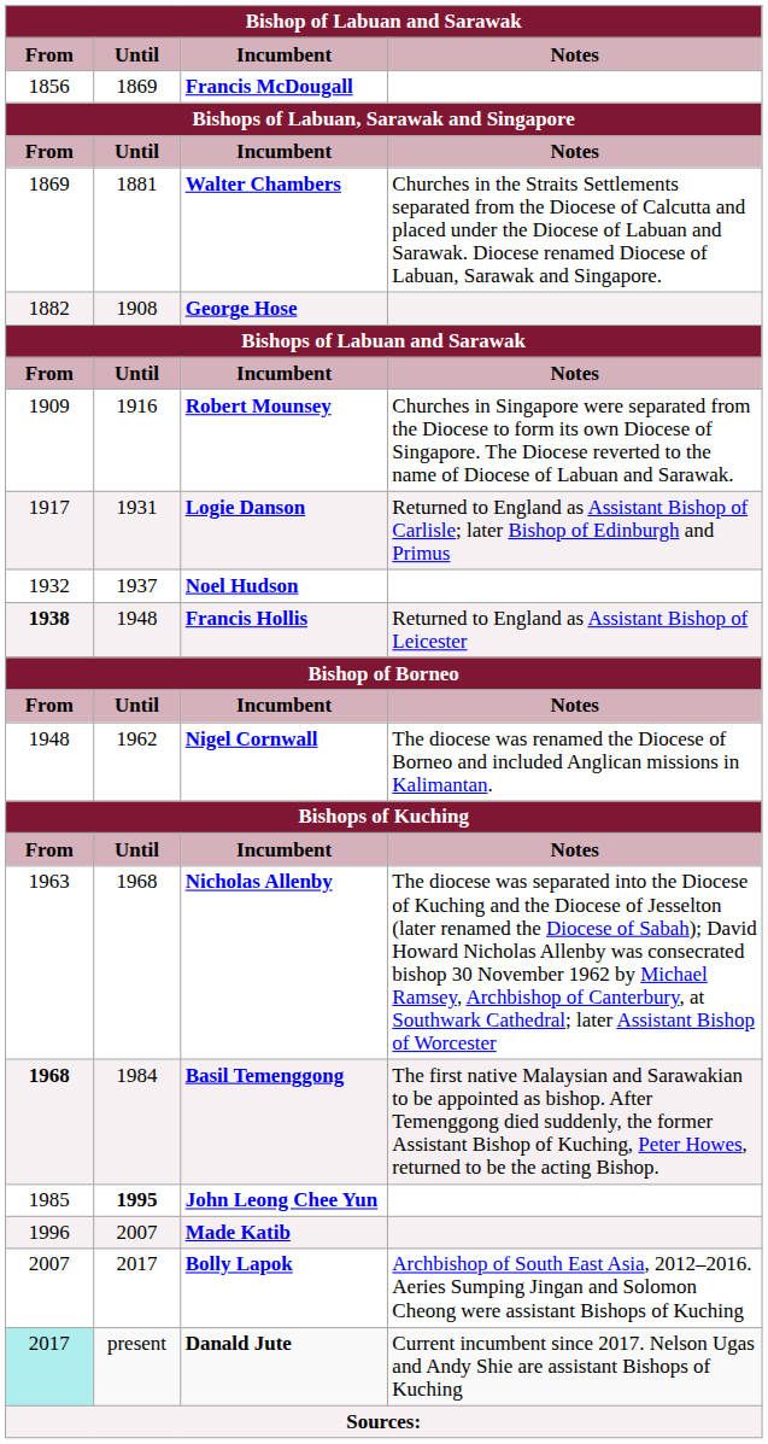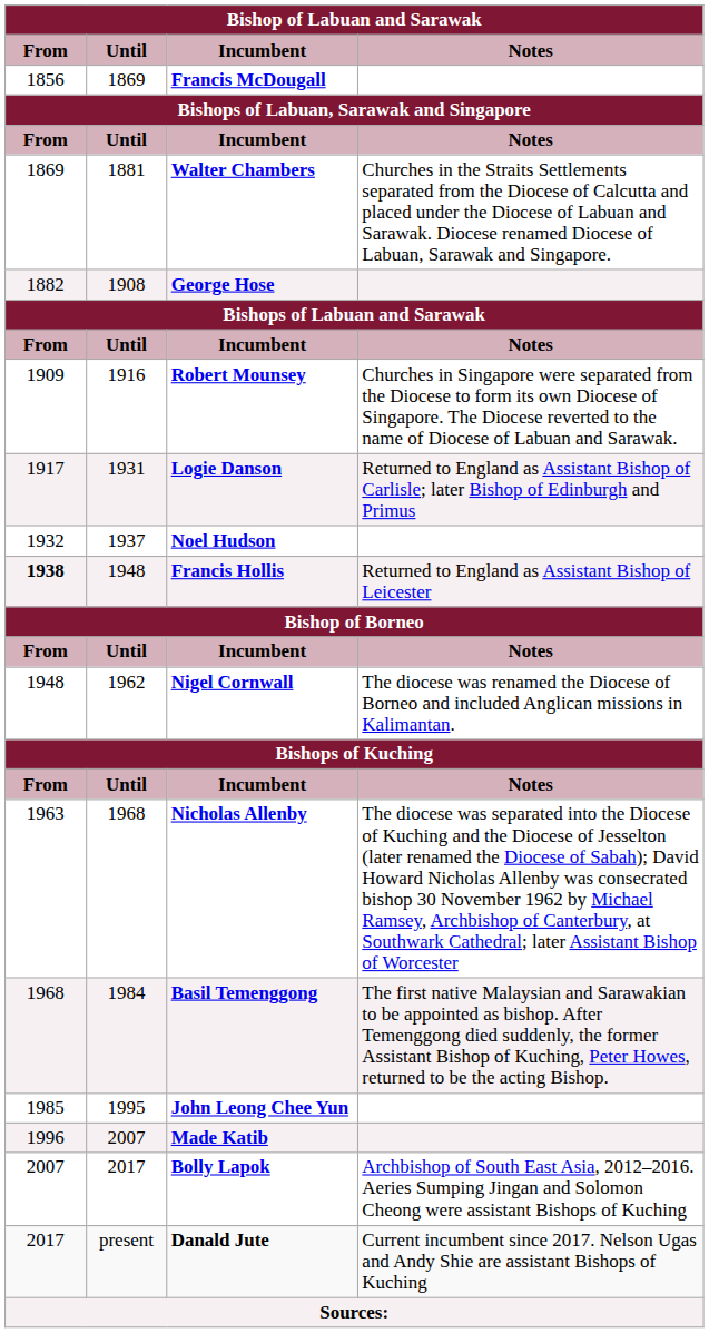 <table class="wikitable" style="width: 95%;">
 <tr>
 <th colspan="4" style="background-color: #7F1734; color: white;">Bishop of Labuan and Sarawak</th>
 </tr>
 <tr>
 <th style="background-color: #D4B1BB; width: 11%;">From</th>
 <th style="background-color: #D4B1BB; width: 11%;">Until</th>
 <th style="background-color: #D4B1BB; width: 26%;">Incumbent</th>
 <th style="background-color: #D4B1BB; width: 47%;">Notes</th>
 </tr>
 <tr valign="top" style="background-color: white;">
 <td style="text-align: center;">1856</td>
 <td style="text-align: center;">1869</td>
 <td><strong><a href='#'>Francis McDougall</a></strong></td>
 <td></td>
 </tr>
 <tr>
 <th colspan="4" style="background-color: #7F1734; color: white;">Bishops of Labuan, Sarawak and Singapore</th>
 </tr>
 <tr>
 <th style="background-color: #D4B1BB;">From</th>
 <th style="background-color: #D4B1BB;">Until</th>
 <th style="background-color: #D4B1BB;">Incumbent</th>
 <th style="background-color: #D4B1BB;">Notes</th>
 </tr>
 <tr valign="top" style="background-color: white;">
 <td style="text-align: center;">1869</td>
 <td style="text-align: center;">1881</td>
 <td><strong><a href='#'>Walter Chambers</a></strong></td>
 <td>Churches in the Straits Settlements separated from the Diocese of Calcutta and placed under the Diocese of Labuan and Sarawak. Diocese renamed Diocese of Labuan, Sarawak and Singapore.</td>
 </tr>
 <tr valign="top" style="background-color: #F7F0F2;">
 <td style="text-align: center;">1882</td>
 <td style="text-align: center;">1908</td>
 <td><strong><a href='#'>George Hose</a></strong></td>
 <td></td>
 </tr>
 <tr>
 <th colspan="4" style="background-color: #7F1734; color: white;">Bishops of Labuan and Sarawak</th>
 </tr>
 <tr>
 <th style="background-color: #D4B1BB;">From</th>
 <th style="background-color: #D4B1BB;">Until</th>
 <th style="background-color: #D4B1BB;">Incumbent</th>
 <th style="background-color: #D4B1BB;">Notes</th>
 </tr>
 <tr valign="top" style="background-color: white;">
 <td style="text-align: center;">1909</td>
 <td style="text-align: center;">1916</td>
 <td><strong><a href='#'>Robert Mounsey</a></strong></td>
 <td>Churches in Singapore were separated from the Diocese to form its own Diocese of Singapore. The Diocese reverted to the name of Diocese of Labuan and Sarawak.</td>
 </tr>
 <tr valign="top" style="background-color: #F7F0F2;">
 <td style="text-align: center;">1917</td>
 <td style="text-align: center;">1931</td>
 <td><strong><a href='#'>Logie Danson</a></strong></td>
 <td>Returned to England as <a href='#'>Assistant Bishop of Carlisle</a>; later <a href='#'>Bishop of Edinburgh</a> and <a href='#'>Primus</a></td>
 </tr>
 <tr valign="top" style="background-color: white;">
 <td style="text-align: center;">1932</td>
 <td style="text-align: center;">1937</td>
 <td><strong><a href='#'>Noel Hudson</a></strong></td>
 <td></td>
 </tr>
 <tr valign="top" style="background-color: #F7F0F2;">
 <td style="text-align: center;"><strong>1938</strong></td>
 <td style="text-align: center;">1948</td>
 <td><strong><a href='#'>Francis Hollis</a></strong></td>
 <td>Returned to England as <a href='#'>Assistant Bishop of Leicester</a></td>
 </tr>
 <tr>
 <th colspan="4" style="background-color: #7F1734; color: white;">Bishop of Borneo</th>
 </tr>
 <tr>
 <th style="background-color: #D4B1BB;">From</th>
 <th style="background-color: #D4B1BB;">Until</th>
 <th style="background-color: #D4B1BB;">Incumbent</th>
 <th style="background-color: #D4B1BB;">Notes</th>
 </tr>
 <tr valign="top" style="background-color: white;">
 <td style="text-align: center;">1948</td>
 <td style="text-align: center;">1962</td>
 <td><strong><a href='#'>Nigel Cornwall</a></strong></td>
 <td>The diocese was renamed the Diocese of Borneo and included Anglican missions in <a href='#'>Kalimantan</a>.</td>
 </tr>
 <tr>
 <th colspan="4" style="background-color: #7F1734; color: white;">Bishops of Kuching</th>
 </tr>
 <tr>
 <th style="background-color: #D4B1BB;">From</th>
 <th style="background-color: #D4B1BB;">Until</th>
 <th style="background-color: #D4B1BB;">Incumbent</th>
 <th style="background-color: #D4B1BB;">Notes</th>
 </tr>
 <tr valign="top" style="background-color: white;">
 <td style="text-align: center;">1963</td>
 <td style="text-align: center;">1968</td>
 <td><strong><a href='#'>Nicholas Allenby</a></strong></td>
 <td>The diocese was separated into the Diocese of Kuching and the Diocese of Jesselton (later renamed the <a href='#'>Diocese of Sabah</a>); David Howard Nicholas Allenby was consecrated bishop 30 November 1962 by <a href='#'>Michael Ramsey</a>, <a href='#'>Archbishop of Canterbury</a>, at <a href='#'>Southwark Cathedral</a>; later <a href='#'>Assistant Bishop of Worcester</a></td>
 </tr>
 <tr valign="top" style="background-color: #F7F0F2;">
-<td style="text-align: center;"><strong>1968</strong></td>
+<td style="text-align: center;">1968</td>
 <td style="text-align: center;">1984</td>
 <td><strong><a href='#'>Basil Temenggong</a></strong></td>
 <td>The first native Malaysian and Sarawakian to be appointed as bishop. After Temenggong died suddenly, the former Assistant Bishop of Kuching, <a href='#'>Peter Howes</a>, returned to be the acting Bishop.</td>
 </tr>
 <tr valign="top" style="background-color: white;">
 <td style="text-align: center;">1985</td>
-<td style="text-align: center;"><strong>1995</strong></td>
+<td style="text-align: center;">1995</td>
 <td><strong><a href='#'>John Leong Chee Yun</a></strong></td>
 <td></td>
 </tr>
 <tr valign="top" style="background-color: #F7F0F2;">
 <td style="text-align: center;">1996</td>
 <td style="text-align: center;">2007</td>
 <td><strong><a href='#'>Made Katib</a></strong></td>
 <td></td>
 </tr>
 <tr valign="top" style="background-color: white;">
 <td style="text-align: center;">2007</td>
 <td style="text-align: center;">2017</td>
 <td><strong><a href='#'>Bolly Lapok</a></strong></td>
 <td><a href='#'>Archbishop of South East Asia</a>, 2012–2016. Aeries Sumping Jingan and Solomon Cheong were assistant Bishops of Kuching</td>
 </tr>
 <tr valign="top" style="backgrounf-color: white;">
-<td style="background: paleturquoise; text-align: center;">2017</td>
+<td style="text-align: center;">2017</td>
 <td style="text-align: center;">present</td>
 <td><strong>Danald Jute</strong></td>
 <td>Current incumbent since 2017. Nelson Ugas and Andy Shie are assistant Bishops of Kuching</td>
 </tr>
 <tr valign="top" style="background-color: #F7F0F2;">
 <td colspan="5" style="text-align: center;"><strong>Sources:</strong> </td>
 </tr>
 </table>
